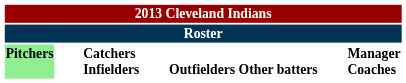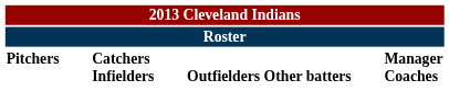 <table class="toccolours" style="font-size: 95%;">
 <tr>
 <th colspan="10" style="background-color: #990000; color: white; text-align: center;">2013 Cleveland Indians</th>
 </tr>
 <tr>
 <td colspan="10" style="background-color: #023456; color: #FFFFFF; text-align: center;"><strong>Roster</strong></td>
 </tr>
 <tr>
-<td valign="top" style="background: lightgreen;"><strong>Pitchers</strong><br>                          </td>
+<td valign="top"><strong>Pitchers</strong><br>                          </td>
 <td width="25px"></td>
 <td valign="top"><strong>Catchers</strong><br>     <strong>Infielders</strong>         </td>
 <td width="25px"></td>
 <td valign="top"><br><strong>Outfielders</strong>        <strong>Other batters</strong> </td>
 <td width="25px"></td>
 <td valign="top"><strong>Manager</strong><br> <strong>Coaches</strong>                </td>
 </tr>
 </table>
